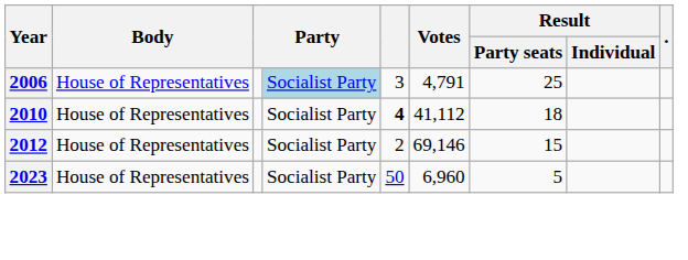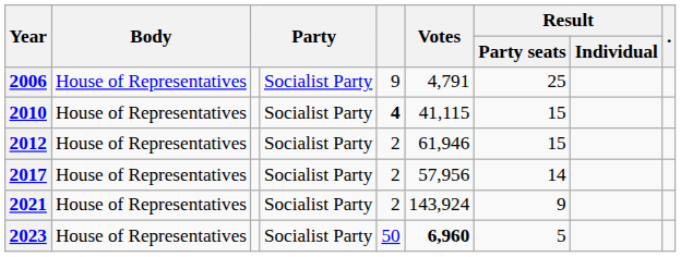 <table class="wikitable plainrowheaders sortable" border=2 cellpadding=4 cellspacing=0 style="border: 1px #aaa solid; font-size: 90%; text-align:center;">
 <tr>
 <th scope="col" rowspan=2>Year</th>
 <th scope="col" rowspan=2>Body</th>
 <th scope="col" colspan=2 rowspan=2>Party</th>
 <th scope="col" rowspan=2></th>
 <th scope="col" rowspan=2>Votes</th>
 <th scope="colgroup" colspan=2>Result</th>
 <th scope="col" rowspan=2 class="unsortable">.</th>
 </tr>
 <tr>
 <th scope="col">Party seats</th>
 <th scope="col">Individual</th>
 </tr>
 <tr>
 <th scope="row"><a href='#'>2006</a></th>
 <td><a href='#'>House of Representatives</a></td>
 <td style="background-color:"></td>
-<td style="background: lightblue;"><a href='#'>Socialist Party</a></td>
-<td style=text-align:right>3</td>
+<td><a href='#'>Socialist Party</a></td>
+<td style=text-align:right>9</td>
 <td style=text-align:right>4,791</td>
 <td style=text-align:right>25</td>
 <td></td>
 <td></td>
 </tr>
 <tr>
 <th scope="row"><a href='#'>2010</a></th>
 <td>House of Representatives</td>
 <td style="background-color:"></td>
 <td>Socialist Party</td>
 <td style=text-align:right><strong>4</strong></td>
-<td style=text-align:right>41,112</td>
-<td style=text-align:right>18</td>
+<td style=text-align:right>41,115</td>
+<td style=text-align:right>15</td>
 <td></td>
 <td></td>
 </tr>
 <tr>
 <th scope="row"><a href='#'>2012</a></th>
 <td>House of Representatives</td>
 <td style="background-color:"></td>
 <td>Socialist Party</td>
 <td style=text-align:right>2</td>
-<td style=text-align:right>69,146</td>
+<td style=text-align:right>61,946</td>
 <td style=text-align:right>15</td>
+<td></td>
+<td></td>
+</tr>
+<tr>
+<th scope="row"><a href='#'>2017</a></th>
+<td>House of Representatives</td>
+<td style="background-color:"></td>
+<td>Socialist Party</td>
+<td style=text-align:right>2</td>
+<td style=text-align:right>57,956</td>
+<td style=text-align:right>14</td>
+<td></td>
+<td></td>
+</tr>
+<tr>
+<th scope="row"><a href='#'>2021</a></th>
+<td>House of Representatives</td>
+<td style="background-color:"></td>
+<td>Socialist Party</td>
+<td style=text-align:right>2</td>
+<td style=text-align:right>143,924</td>
+<td style=text-align:right>9</td>
 <td></td>
 <td></td>
 </tr>
 <tr>
 <th scope="row"><a href='#'>2023</a></th>
 <td>House of Representatives</td>
 <td style="background-color:"></td>
 <td>Socialist Party</td>
 <td style=text-align:right><a href='#'>50</a></td>
-<td style=text-align:right>6,960</td>
+<td style=text-align:right><strong>6,960</strong></td>
 <td style=text-align:right>5</td>
 <td></td>
 <td></td>
 </tr>
 </table>
